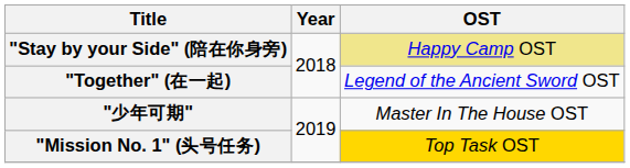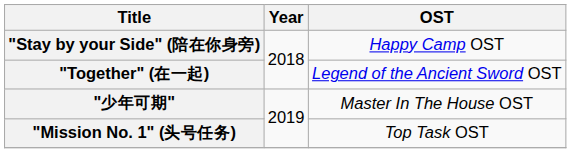 <table class="wikitable plainrowheaders" style="text-align:center;">
 <tr>
 <th scope="col">Title</th>
 <th scope="col">Year</th>
 <th scope="col">OST</th>
 </tr>
 <tr>
 <th scope="row">"Stay by your Side" (陪在你身旁)</th>
 <td rowspan="2">2018</td>
-<td style="background: khaki;"><em><a href='#'>Happy Camp</a></em> OST</td>
+<td><em><a href='#'>Happy Camp</a></em> OST</td>
 </tr>
 <tr>
 <th scope="row">"Together" (在一起)</th>
 <td><em><a href='#'>Legend of the Ancient Sword</a></em> OST</td>
 </tr>
 <tr>
 <th scope="row">"少年可期"</th>
 <td rowspan="2">2019</td>
 <td><em>Master In The House</em> OST</td>
 </tr>
 <tr>
 <th scope="row">"Mission No. 1" (头号任务)</th>
-<td style="background: gold;"><em>Top Task</em> OST</td>
+<td><em>Top Task</em> OST</td>
 </tr>
 <tr>
 </tr>
 </table>
